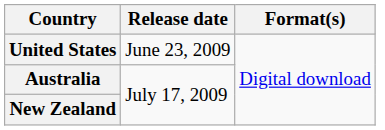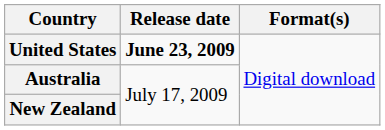 <table class="wikitable plainrowheaders">
 <tr>
 <th scope="col">Country</th>
 <th scope="col">Release date</th>
 <th scope="col">Format(s)</th>
 </tr>
 <tr>
 <th scope="row">United States</th>
-<td>June 23, 2009</td>
+<td><strong>June 23, 2009</strong></td>
 <td rowspan="3"><a href='#'>Digital download</a></td>
 </tr>
 <tr>
 <th scope="row">Australia</th>
 <td rowspan="2">July 17, 2009</td>
 </tr>
 <tr>
 <th scope="row">New Zealand</th>
 </tr>
 </table>
